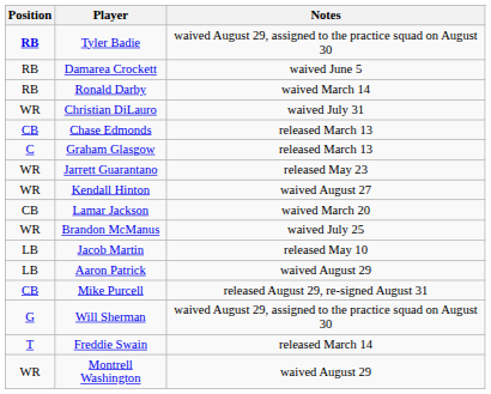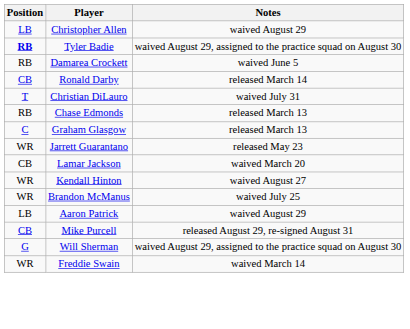 <table class="wikitable" style="text-align:center">
 <tr>
 <th>Position</th>
 <th>Player</th>
 <th>Notes</th>
+</tr>
+<tr>
+<td><a href='#'>LB</a></td>
+<td><a href='#'>Christopher Allen</a></td>
+<td>waived August 29</td>
 </tr>
 <tr>
 <td><strong><a href='#'>RB</a></strong></td>
 <td><a href='#'>Tyler Badie</a></td>
 <td>waived August 29, assigned to the practice squad on August 30</td>
 </tr>
 <tr>
 <td>RB</td>
 <td><a href='#'>Damarea Crockett</a></td>
 <td>waived June 5</td>
 </tr>
 <tr>
-<td>RB</td>
+<td><a href='#'>CB</a></td>
 <td><a href='#'>Ronald Darby</a></td>
-<td>waived March 14</td>
+<td>released March 14</td>
 </tr>
 <tr>
-<td>WR</td>
+<td><a href='#'>T</a></td>
 <td><a href='#'>Christian DiLauro</a></td>
 <td>waived July 31</td>
 </tr>
 <tr>
-<td><a href='#'>CB</a></td>
+<td>RB</td>
 <td><a href='#'>Chase Edmonds</a></td>
 <td>released March 13</td>
 </tr>
 <tr>
 <td><a href='#'>C</a></td>
 <td><a href='#'>Graham Glasgow</a></td>
 <td>released March 13</td>
 </tr>
 <tr>
 <td>WR</td>
 <td><a href='#'>Jarrett Guarantano</a></td>
 <td>released May 23</td>
 </tr>
 <tr>
-<td>WR</td>
-<td><a href='#'>Kendall Hinton</a></td>
-<td>waived August 27</td>
-</tr>
-<tr>
 <td>CB</td>
 <td><a href='#'>Lamar Jackson</a></td>
 <td>waived March 20</td>
 </tr>
 <tr>
 <td>WR</td>
+<td><a href='#'>Kendall Hinton</a></td>
+<td>waived August 27</td>
+</tr>
+<tr>
+<td>WR</td>
 <td><a href='#'>Brandon McManus</a></td>
 <td>waived July 25</td>
-</tr>
-<tr>
-<td>LB</td>
-<td><a href='#'>Jacob Martin</a></td>
-<td>released May 10</td>
 </tr>
 <tr>
 <td>LB</td>
 <td><a href='#'>Aaron Patrick</a></td>
 <td>waived August 29</td>
 </tr>
 <tr>
 <td><a href='#'>CB</a></td>
 <td><a href='#'>Mike Purcell</a></td>
 <td>released August 29, re-signed August 31</td>
 </tr>
 <tr>
 <td><a href='#'>G</a></td>
 <td><a href='#'>Will Sherman</a></td>
 <td>waived August 29, assigned to the practice squad on August 30</td>
 </tr>
 <tr>
-<td><a href='#'>T</a></td>
+<td>WR</td>
 <td><a href='#'>Freddie Swain</a></td>
-<td>released March 14</td>
-</tr>
-<tr>
-<td>WR</td>
-<td><a href='#'>Montrell Washington</a></td>
-<td>waived August 29</td>
+<td>waived March 14</td>
 </tr>
 </table>
